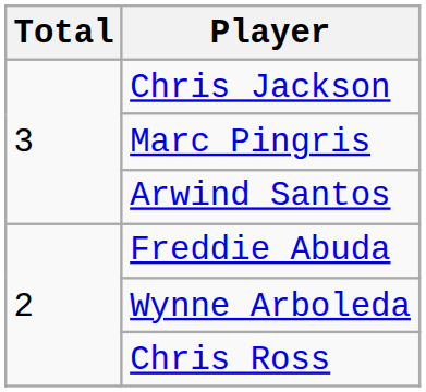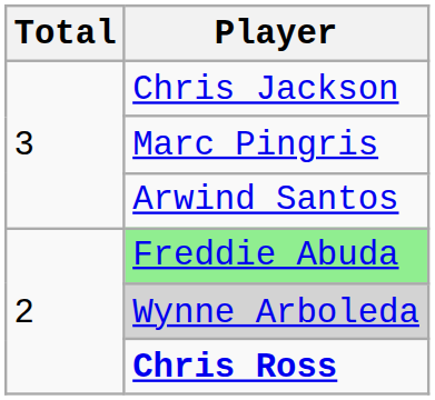 <table class=wikitable>
 <tr>
 <th>Total</th>
 <th>Player</th>
 </tr>
 <tr>
 <td rowspan=3>3</td>
 <td><a href='#'>Chris Jackson</a></td>
 </tr>
 <tr>
 <td><a href='#'>Marc Pingris</a></td>
 </tr>
 <tr>
 <td><a href='#'>Arwind Santos</a></td>
 </tr>
 <tr>
 <td rowspan=3>2</td>
-<td><a href='#'>Freddie Abuda</a></td>
+<td style="background: lightgreen;"><a href='#'>Freddie Abuda</a></td>
 </tr>
 <tr>
-<td><a href='#'>Wynne Arboleda</a></td>
+<td style="background: lightgrey;"><a href='#'>Wynne Arboleda</a></td>
 </tr>
 <tr>
-<td><a href='#'>Chris Ross</a></td>
+<td><strong><a href='#'>Chris Ross</a></strong></td>
 </tr>
 </table>
